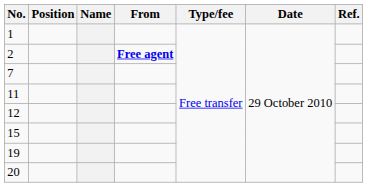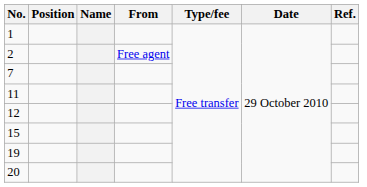 <table class="wikitable plainrowheaders sortable" style="text-align:center; text-align:left">
 <tr>
 <th>No.</th>
 <th>Position</th>
 <th>Name</th>
 <th>From</th>
 <th>Type/fee</th>
 <th>Date</th>
 <th>Ref.</th>
 </tr>
 <tr>
 <td>1</td>
 <td></td>
 <th scope="row"></th>
 <td></td>
 <td rowspan="8"><a href='#'>Free transfer</a></td>
 <td rowspan="8">29 October 2010</td>
 <td></td>
 </tr>
 <tr>
 <td>2</td>
 <td></td>
 <th scope="row"></th>
-<td><strong><a href='#'>Free agent</a></strong></td>
+<td><a href='#'>Free agent</a></td>
 <td></td>
 </tr>
 <tr>
 <td>7</td>
 <td></td>
 <th scope="row"></th>
 <td></td>
 <td></td>
 </tr>
 <tr>
 <td>11</td>
 <td></td>
 <th scope="row"></th>
 <td></td>
 <td></td>
 </tr>
 <tr>
 <td>12</td>
 <td></td>
 <th scope="row"></th>
 <td></td>
 <td></td>
 </tr>
 <tr>
 <td>15</td>
 <td></td>
 <th scope="row"></th>
 <td></td>
 <td></td>
 </tr>
 <tr>
 <td>19</td>
 <td></td>
 <th scope="row"></th>
 <td></td>
 <td></td>
 </tr>
 <tr>
 <td>20</td>
 <td></td>
 <th scope="row"></th>
 <td></td>
 <td></td>
 </tr>
 </table>
